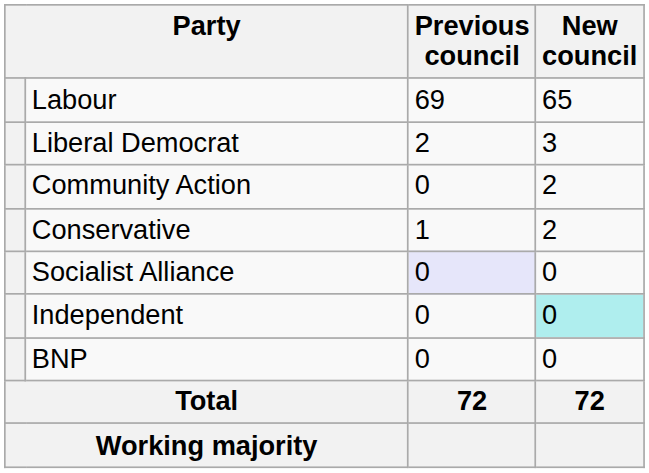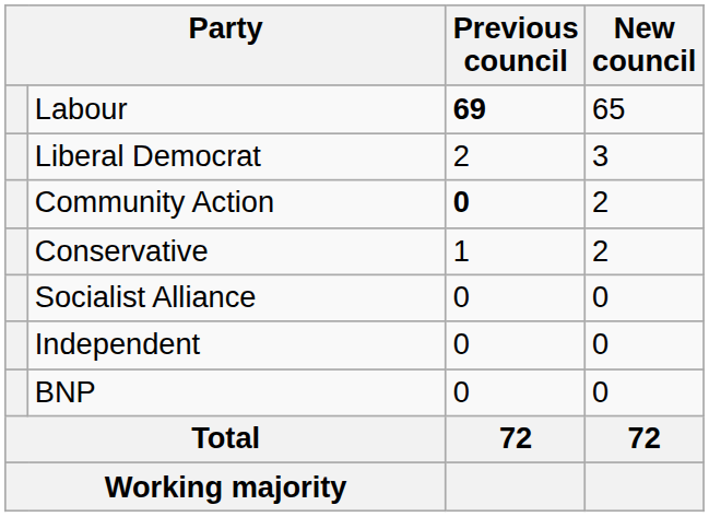 <table class="wikitable">
 <tr>
 <th valign=top colspan="2" style="width: 230px">Party</th>
 <th valign=top style="width: 30px">Previous council</th>
 <th valign=top style="width: 30px">New council</th>
 </tr>
 <tr>
 <th style="background-color: "></th>
 <td>Labour</td>
-<td>69</td>
+<td><strong>69</strong></td>
 <td>65</td>
 </tr>
 <tr>
 <th style="background-color: "></th>
 <td>Liberal Democrat</td>
 <td>2</td>
 <td>3</td>
 </tr>
 <tr>
 <th style="background-color: "></th>
 <td>Community Action</td>
-<td>0</td>
+<td><strong>0</strong></td>
 <td>2</td>
 </tr>
 <tr>
 <th style="background-color: "></th>
 <td>Conservative</td>
 <td>1</td>
 <td>2</td>
 </tr>
 <tr>
 <th style="background-color: "></th>
 <td>Socialist Alliance</td>
-<td style="background: lavender;">0</td>
+<td>0</td>
 <td>0</td>
 </tr>
 <tr>
 <th style="background-color: "></th>
 <td>Independent</td>
 <td>0</td>
-<td style="background: paleturquoise;">0</td>
+<td>0</td>
 </tr>
 <tr>
 <th style="background-color: "></th>
 <td>BNP</td>
 <td>0</td>
 <td>0</td>
 </tr>
 <tr>
 <th colspan=2>Total</th>
 <th style="text-align: center">72</th>
 <th colspan=3>72</th>
 </tr>
 <tr>
 <th colspan=2>Working majority</th>
 <th></th>
 <th></th>
 </tr>
 </table>
